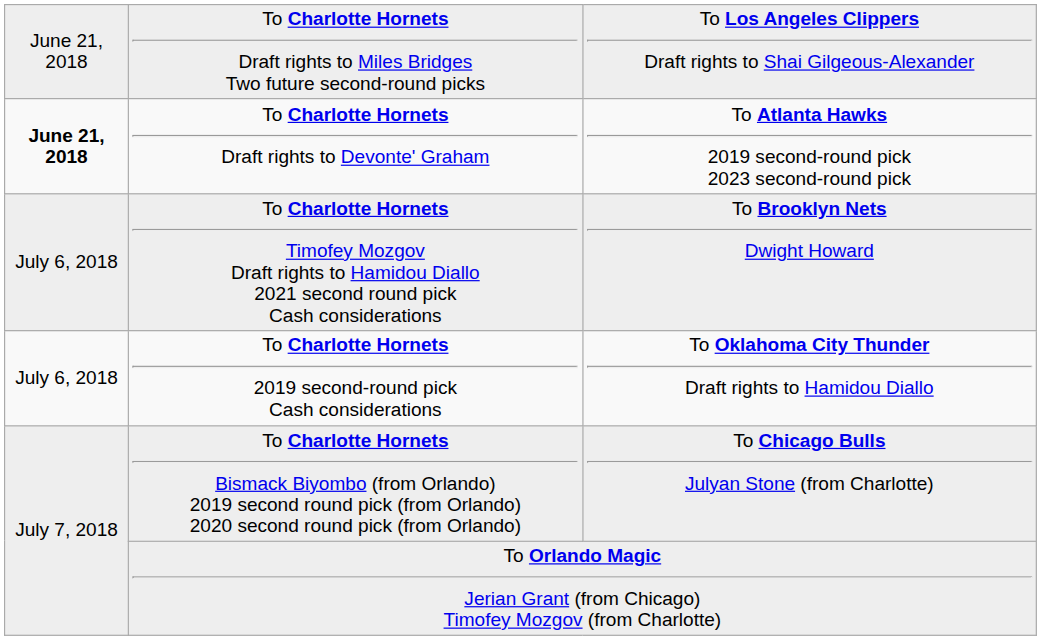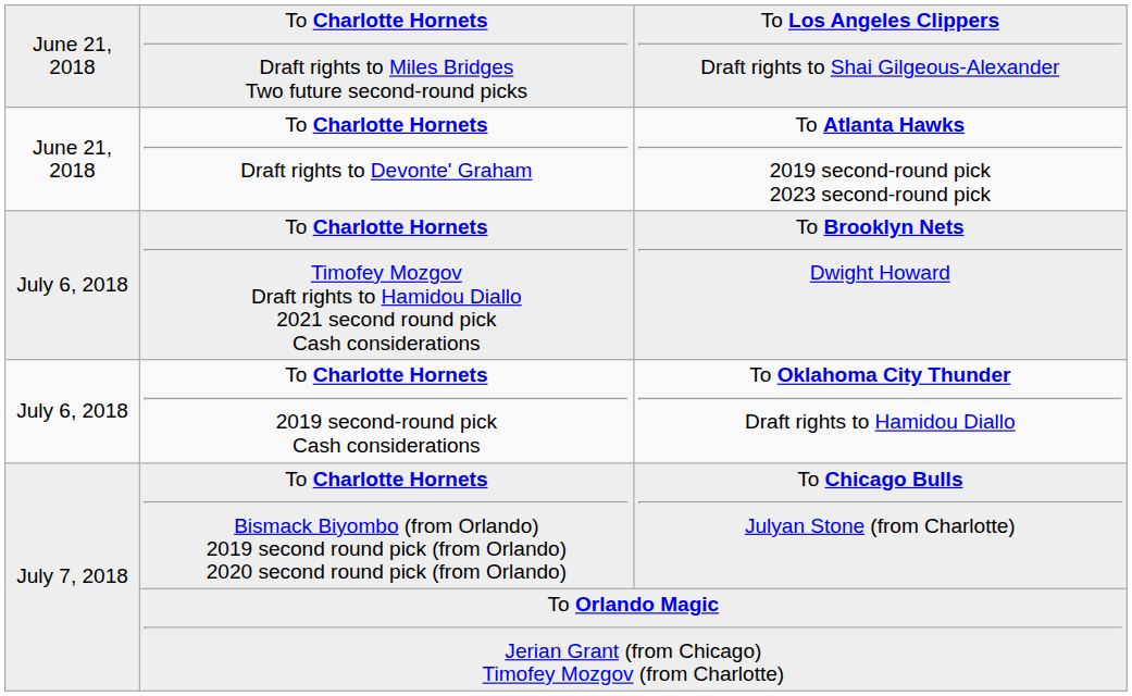 <table class="wikitable sortable sortable" style="text-align: center">
 <tr style="background:#eee;">
 <td style="width:12%">June 21, 2018</td>
 <td style="width:44%; vertical-align:top;">To <strong><a href='#'>Charlotte Hornets</a></strong><hr>Draft rights to <a href='#'>Miles Bridges</a><br>Two future second-round picks</td>
 <td style="width:44%; vertical-align:top;">To <strong><a href='#'>Los Angeles Clippers</a></strong><hr>Draft rights to <a href='#'>Shai Gilgeous-Alexander</a></td>
 </tr>
 <tr>
-<td style="width:12%"><strong>June 21, 2018</strong></td>
+<td style="width:12%">June 21, 2018</td>
 <td style="width:44%" valign="top">To <strong><a href='#'>Charlotte Hornets</a></strong><hr>Draft rights to <a href='#'>Devonte' Graham</a></td>
 <td style="width:44%" valign="top">To <strong><a href='#'>Atlanta Hawks</a></strong><hr>2019 second-round pick<br>2023 second-round pick</td>
 </tr>
 <tr style="background:#eee;">
 <td style="width:12%">July 6, 2018</td>
 <td style="width:44%; vertical-align:top;">To <strong><a href='#'>Charlotte Hornets</a></strong><hr><a href='#'>Timofey Mozgov</a><br>Draft rights to <a href='#'>Hamidou Diallo</a><br>2021 second round pick<br>Cash considerations</td>
 <td style="width:44%; vertical-align:top;">To <strong><a href='#'>Brooklyn Nets</a></strong><hr><a href='#'>Dwight Howard</a></td>
 </tr>
 <tr>
 <td style="width:10%">July 6, 2018</td>
 <td style="width:31%; vertical-align:top;">To <strong><a href='#'>Charlotte Hornets</a></strong><hr>2019 second-round pick<br>Cash considerations</td>
 <td style="width:31%; vertical-align:top;">To <strong><a href='#'>Oklahoma City Thunder</a></strong><hr>Draft rights to <a href='#'>Hamidou Diallo</a></td>
 </tr>
 <tr bgcolor="eeeeee">
 <td rowspan=2>July 7, 2018</td>
 <td style="width:44%" valign="top">To <strong><a href='#'>Charlotte Hornets</a></strong><hr><a href='#'>Bismack Biyombo</a> (from Orlando)<br>2019 second round pick (from Orlando)<br>2020 second round pick (from Orlando)</td>
 <td style="width:44%" valign="top">To <strong><a href='#'>Chicago Bulls</a></strong><hr><a href='#'>Julyan Stone</a> (from Charlotte)</td>
 </tr>
 <tr bgcolor="eeeeee">
 <td colspan="3">To <strong><a href='#'>Orlando Magic</a></strong><hr><a href='#'>Jerian Grant</a> (from Chicago)<br><a href='#'>Timofey Mozgov</a> (from Charlotte)</td>
 </tr>
 </table>
